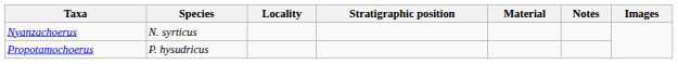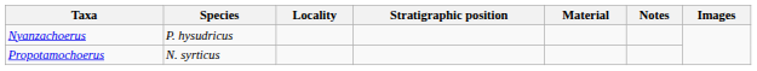 <table class="wikitable sortable" align="center" width="75%">
 <tr>
 <th>Taxa</th>
 <th>Species</th>
 <th>Locality</th>
 <th>Stratigraphic position</th>
 <th>Material</th>
 <th>Notes</th>
 <th>Images</th>
 </tr>
 <tr>
 <td><em><a href='#'>Nyanzachoerus</a></em></td>
-<td><em>N. syrticus</em></td>
+<td><em>P. hysudricus</em></td>
 <td></td>
 <td></td>
 <td></td>
 <td></td>
 </tr>
 <tr>
 <td><em><a href='#'>Propotamochoerus</a></em></td>
-<td><em>P. hysudricus</em></td>
+<td><em>N. syrticus</em></td>
 <td></td>
 <td></td>
 <td></td>
 <td></td>
 </tr>
 </table>
